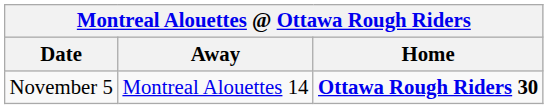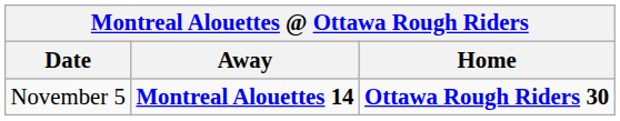 <table class="wikitable">
 <tr>
 <th colspan="3"><a href='#'>Montreal Alouettes</a> @ <a href='#'>Ottawa Rough Riders</a></th>
 </tr>
 <tr>
 <th>Date</th>
 <th>Away</th>
 <th>Home</th>
 </tr>
 <tr>
 <td>November 5</td>
-<td><a href='#'>Montreal Alouettes</a> 14</td>
+<td><strong><a href='#'>Montreal Alouettes</a> 14</strong></td>
 <td><strong><a href='#'>Ottawa Rough Riders</a> 30</strong></td>
 </tr>
 </table>
